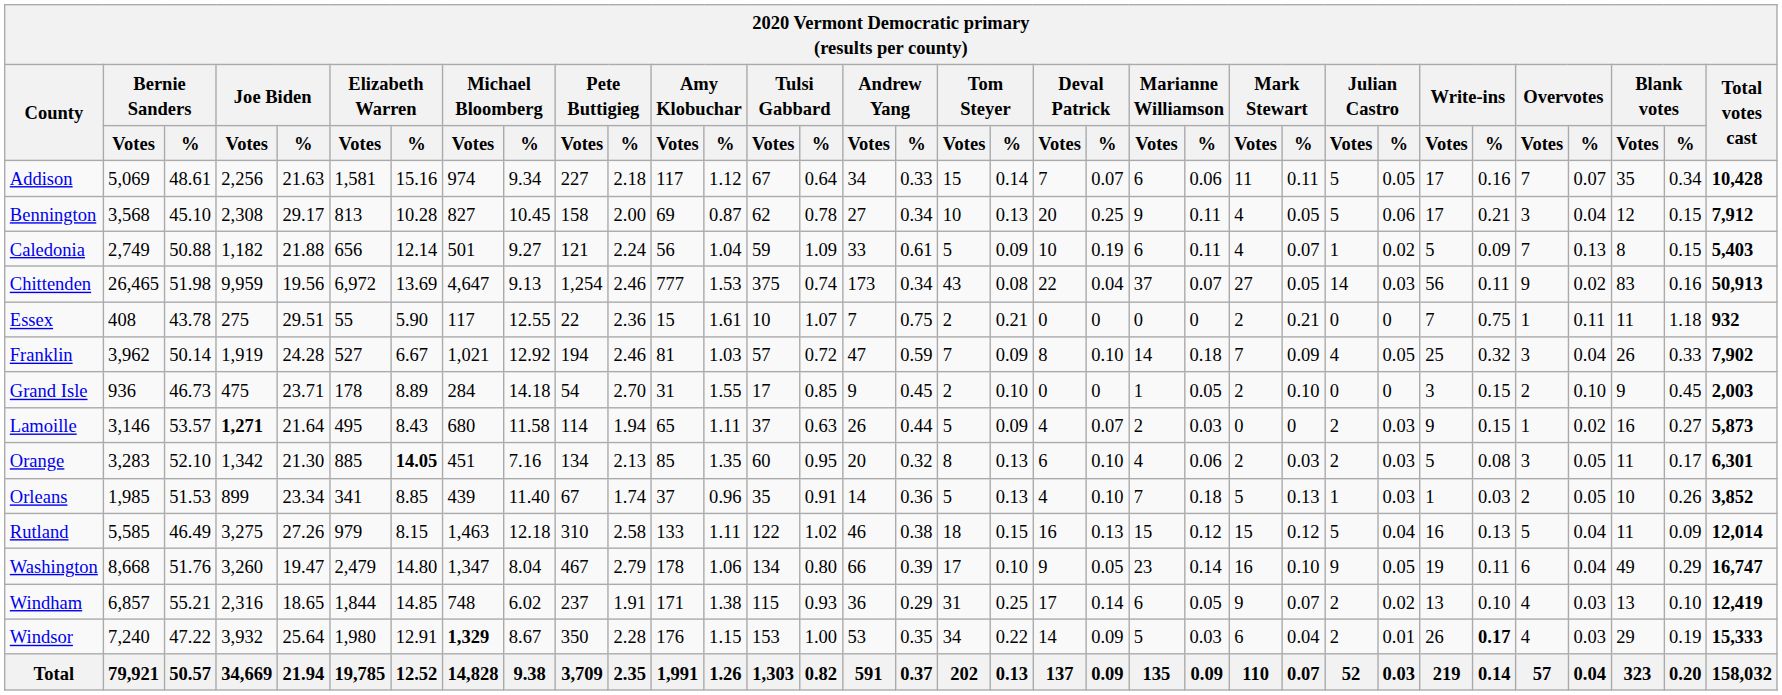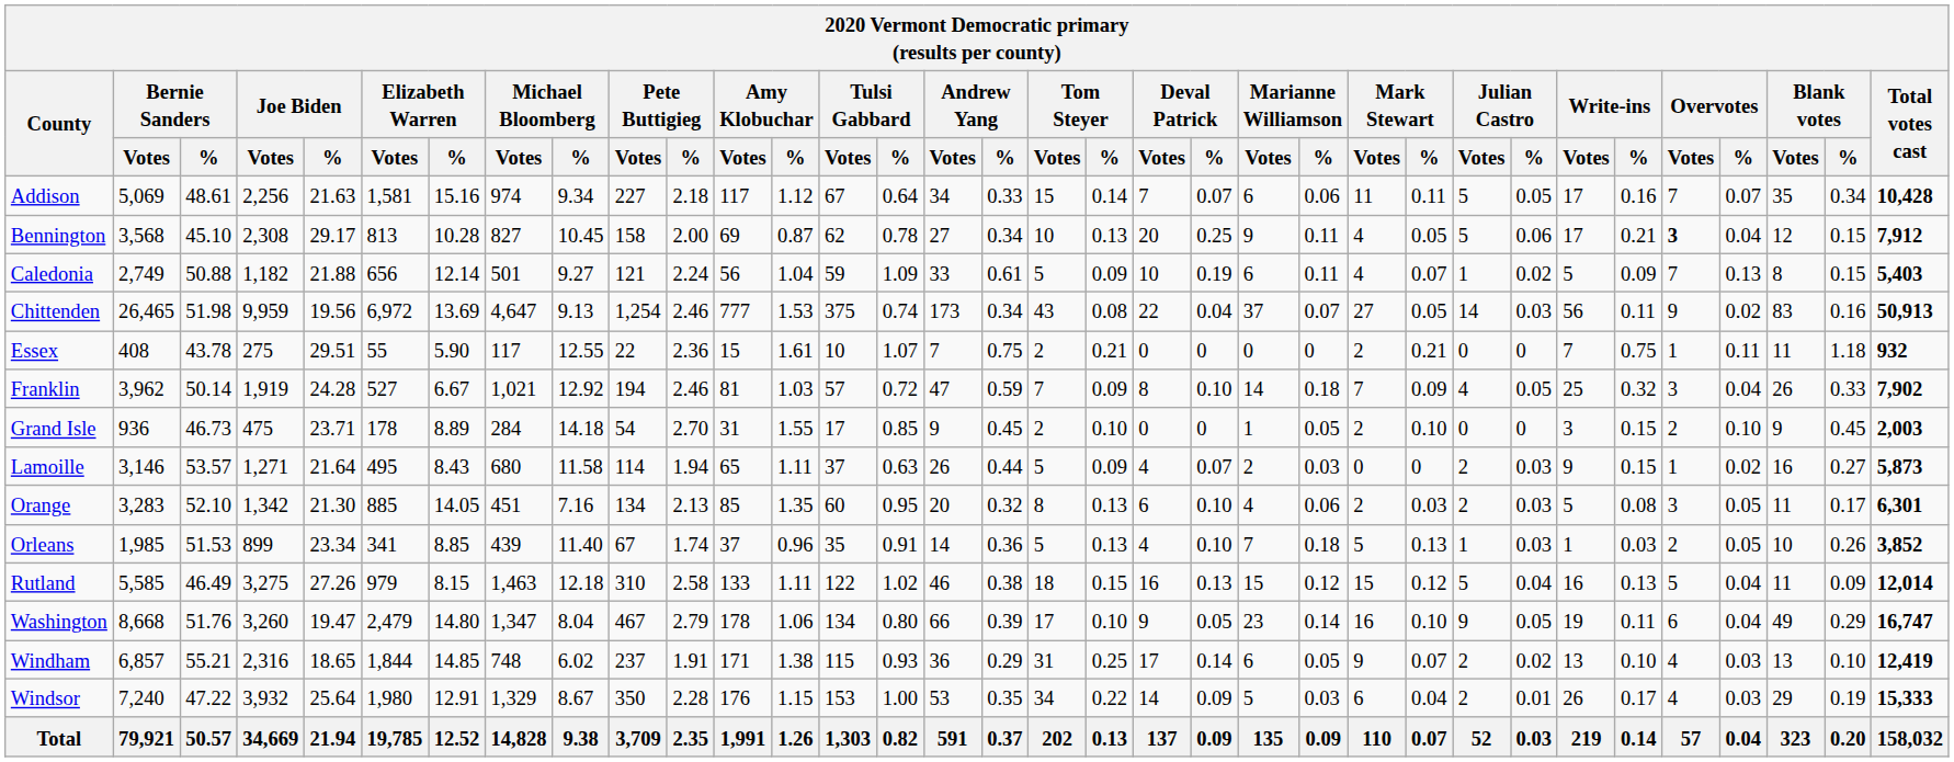 <table class="wikitable sortable mw-collapsible mw-collapsed">
 <tr>
 <th colspan="34"><small>2020 Vermont Democratic primary</small><br><small>(results per county)</small></th>
 </tr>
 <tr>
 <th rowspan="2"><small>County</small></th>
 <th colspan="2"><small>Bernie Sanders</small></th>
 <th colspan="2"><small>Joe Biden</small></th>
 <th colspan="2"><small>Elizabeth Warren</small></th>
 <th colspan="2"><small>Michael Bloomberg</small></th>
 <th colspan="2"><small>Pete Buttigieg</small></th>
 <th colspan="2"><small>Amy Klobuchar</small></th>
 <th colspan="2"><small>Tulsi Gabbard</small></th>
 <th colspan="2"><small>Andrew Yang</small></th>
 <th colspan="2"><small>Tom Steyer</small></th>
 <th colspan="2"><small>Deval Patrick</small></th>
 <th colspan="2"><small>Marianne Williamson</small></th>
 <th colspan="2"><small>Mark Stewart</small></th>
 <th colspan="2"><small>Julian Castro</small></th>
 <th colspan="2"><small>Write-ins</small></th>
 <th colspan="2"><small>Overvotes</small></th>
 <th colspan="2"><small>Blank votes</small></th>
 <th rowspan="2"><small>Total votes cast</small></th>
 </tr>
 <tr>
 <th><small>Votes</small></th>
 <th><small>%</small></th>
 <th><small>Votes</small></th>
 <th><small>%</small></th>
 <th><small>Votes</small></th>
 <th><small>%</small></th>
 <th><small>Votes</small></th>
 <th><small>%</small></th>
 <th><small>Votes</small></th>
 <th><small>%</small></th>
 <th><small>Votes</small></th>
 <th><small>%</small></th>
 <th><small>Votes</small></th>
 <th><small>%</small></th>
 <th><small>Votes</small></th>
 <th><small>%</small></th>
 <th><small>Votes</small></th>
 <th><small>%</small></th>
 <th><small>Votes</small></th>
 <th><small>%</small></th>
 <th><small>Votes</small></th>
 <th><small>%</small></th>
 <th><small>Votes</small></th>
 <th><small>%</small></th>
 <th><small>Votes</small></th>
 <th><small>%</small></th>
 <th><small>Votes</small></th>
 <th><small>%</small></th>
 <th><small>Votes</small></th>
 <th><small>%</small></th>
 <th><small>Votes</small></th>
 <th><small>%</small></th>
 </tr>
 <tr>
 <td><a href='#'><small>Addison</small></a></td>
 <td><small>5,069</small></td>
 <td><small>48.61</small></td>
 <td><small>2,256</small></td>
 <td><small>21.63</small></td>
 <td><small>1,581</small></td>
 <td><small>15.16</small></td>
 <td><small>974</small></td>
 <td><small>9.34</small></td>
 <td><small>227</small></td>
 <td><small>2.18</small></td>
 <td><small>117</small></td>
 <td><small>1.12</small></td>
 <td><small>67</small></td>
 <td><small>0.64</small></td>
 <td><small>34</small></td>
 <td><small>0.33</small></td>
 <td><small>15</small></td>
 <td><small>0.14</small></td>
 <td><small>7</small></td>
 <td><small>0.07</small></td>
 <td><small>6</small></td>
 <td><small>0.06</small></td>
 <td><small>11</small></td>
 <td><small>0.11</small></td>
 <td><small>5</small></td>
 <td><small>0.05</small></td>
 <td><small>17</small></td>
 <td><small>0.16</small></td>
 <td><small>7</small></td>
 <td><small>0.07</small></td>
 <td><small>35</small></td>
 <td><small>0.34</small></td>
 <td><strong><small>10,428</small></strong></td>
 </tr>
 <tr>
 <td><a href='#'><small>Bennington</small></a></td>
 <td><small>3,568</small></td>
 <td><small>45.10</small></td>
 <td><small>2,308</small></td>
 <td><small>29.17</small></td>
 <td><small>813</small></td>
 <td><small>10.28</small></td>
 <td><small>827</small></td>
 <td><small>10.45</small></td>
 <td><small>158</small></td>
 <td><small>2.00</small></td>
 <td><small>69</small></td>
 <td><small>0.87</small></td>
 <td><small>62</small></td>
 <td><small>0.78</small></td>
 <td><small>27</small></td>
 <td><small>0.34</small></td>
 <td><small>10</small></td>
 <td><small>0.13</small></td>
 <td><small>20</small></td>
 <td><small>0.25</small></td>
 <td><small>9</small></td>
 <td><small>0.11</small></td>
 <td><small>4</small></td>
 <td><small>0.05</small></td>
 <td><small>5</small></td>
 <td><small>0.06</small></td>
 <td><small>17</small></td>
 <td><small>0.21</small></td>
-<td><small>3</small></td>
+<td><strong><small>3</small></strong></td>
 <td><small>0.04</small></td>
 <td><small>12</small></td>
 <td><small>0.15</small></td>
 <td><strong><small>7,912</small></strong></td>
 </tr>
 <tr>
 <td><a href='#'><small>Caledonia</small></a></td>
 <td><small>2,749</small></td>
 <td><small>50.88</small></td>
 <td><small>1,182</small></td>
 <td><small>21.88</small></td>
 <td><small>656</small></td>
 <td><small>12.14</small></td>
 <td><small>501</small></td>
 <td><small>9.27</small></td>
 <td><small>121</small></td>
 <td><small>2.24</small></td>
 <td><small>56</small></td>
 <td><small>1.04</small></td>
 <td><small>59</small></td>
 <td><small>1.09</small></td>
 <td><small>33</small></td>
 <td><small>0.61</small></td>
 <td><small>5</small></td>
 <td><small>0.09</small></td>
 <td><small>10</small></td>
 <td><small>0.19</small></td>
 <td><small>6</small></td>
 <td><small>0.11</small></td>
 <td><small>4</small></td>
 <td><small>0.07</small></td>
 <td><small>1</small></td>
 <td><small>0.02</small></td>
 <td><small>5</small></td>
 <td><small>0.09</small></td>
 <td><small>7</small></td>
 <td><small>0.13</small></td>
 <td><small>8</small></td>
 <td><small>0.15</small></td>
 <td><strong><small>5,403</small></strong></td>
 </tr>
 <tr>
 <td><a href='#'><small>Chittenden</small></a></td>
 <td><small>26,465</small></td>
 <td><small>51.98</small></td>
 <td><small>9,959</small></td>
 <td><small>19.56</small></td>
 <td><small>6,972</small></td>
 <td><small>13.69</small></td>
 <td><small>4,647</small></td>
 <td><small>9.13</small></td>
 <td><small>1,254</small></td>
 <td><small>2.46</small></td>
 <td><small>777</small></td>
 <td><small>1.53</small></td>
 <td><small>375</small></td>
 <td><small>0.74</small></td>
 <td><small>173</small></td>
 <td><small>0.34</small></td>
 <td><small>43</small></td>
 <td><small>0.08</small></td>
 <td><small>22</small></td>
 <td><small>0.04</small></td>
 <td><small>37</small></td>
 <td><small>0.07</small></td>
 <td><small>27</small></td>
 <td><small>0.05</small></td>
 <td><small>14</small></td>
 <td><small>0.03</small></td>
 <td><small>56</small></td>
 <td><small>0.11</small></td>
 <td><small>9</small></td>
 <td><small>0.02</small></td>
 <td><small>83</small></td>
 <td><small>0.16</small></td>
 <td><strong><small>50,913</small></strong></td>
 </tr>
 <tr>
 <td><a href='#'><small>Essex</small></a></td>
 <td><small>408</small></td>
 <td><small>43.78</small></td>
 <td><small>275</small></td>
 <td><small>29.51</small></td>
 <td><small>55</small></td>
 <td><small>5.90</small></td>
 <td><small>117</small></td>
 <td><small>12.55</small></td>
 <td><small>22</small></td>
 <td><small>2.36</small></td>
 <td><small>15</small></td>
 <td><small>1.61</small></td>
 <td><small>10</small></td>
 <td><small>1.07</small></td>
 <td><small>7</small></td>
 <td><small>0.75</small></td>
 <td><small>2</small></td>
 <td><small>0.21</small></td>
 <td><small>0</small></td>
 <td><small>0</small></td>
 <td><small>0</small></td>
 <td><small>0</small></td>
 <td><small>2</small></td>
 <td><small>0.21</small></td>
 <td><small>0</small></td>
 <td><small>0</small></td>
 <td><small>7</small></td>
 <td><small>0.75</small></td>
 <td><small>1</small></td>
 <td><small>0.11</small></td>
 <td><small>11</small></td>
 <td><small>1.18</small></td>
 <td><strong><small>932</small></strong></td>
 </tr>
 <tr>
 <td><a href='#'><small>Franklin</small></a></td>
 <td><small>3,962</small></td>
 <td><small>50.14</small></td>
 <td><small>1,919</small></td>
 <td><small>24.28</small></td>
 <td><small>527</small></td>
 <td><small>6.67</small></td>
 <td><small>1,021</small></td>
 <td><small>12.92</small></td>
 <td><small>194</small></td>
 <td><small>2.46</small></td>
 <td><small>81</small></td>
 <td><small>1.03</small></td>
 <td><small>57</small></td>
 <td><small>0.72</small></td>
 <td><small>47</small></td>
 <td><small>0.59</small></td>
 <td><small>7</small></td>
 <td><small>0.09</small></td>
 <td><small>8</small></td>
 <td><small>0.10</small></td>
 <td><small>14</small></td>
 <td><small>0.18</small></td>
 <td><small>7</small></td>
 <td><small>0.09</small></td>
 <td><small>4</small></td>
 <td><small>0.05</small></td>
 <td><small>25</small></td>
 <td><small>0.32</small></td>
 <td><small>3</small></td>
 <td><small>0.04</small></td>
 <td><small>26</small></td>
 <td><small>0.33</small></td>
 <td><strong><small>7,902</small></strong></td>
 </tr>
 <tr>
 <td><a href='#'><small>Grand Isle</small></a></td>
 <td><small>936</small></td>
 <td><small>46.73</small></td>
 <td><small>475</small></td>
 <td><small>23.71</small></td>
 <td><small>178</small></td>
 <td><small>8.89</small></td>
 <td><small>284</small></td>
 <td><small>14.18</small></td>
 <td><small>54</small></td>
 <td><small>2.70</small></td>
 <td><small>31</small></td>
 <td><small>1.55</small></td>
 <td><small>17</small></td>
 <td><small>0.85</small></td>
 <td><small>9</small></td>
 <td><small>0.45</small></td>
 <td><small>2</small></td>
 <td><small>0.10</small></td>
 <td><small>0</small></td>
 <td><small>0</small></td>
 <td><small>1</small></td>
 <td><small>0.05</small></td>
 <td><small>2</small></td>
 <td><small>0.10</small></td>
 <td><small>0</small></td>
 <td><small>0</small></td>
 <td><small>3</small></td>
 <td><small>0.15</small></td>
 <td><small>2</small></td>
 <td><small>0.10</small></td>
 <td><small>9</small></td>
 <td><small>0.45</small></td>
 <td><strong><small>2,003</small></strong></td>
 </tr>
 <tr>
 <td><a href='#'><small>Lamoille</small></a></td>
 <td><small>3,146</small></td>
 <td><small>53.57</small></td>
-<td><strong><small>1,271</small></strong></td>
+<td><small>1,271</small></td>
 <td><small>21.64</small></td>
 <td><small>495</small></td>
 <td><small>8.43</small></td>
 <td><small>680</small></td>
 <td><small>11.58</small></td>
 <td><small>114</small></td>
 <td><small>1.94</small></td>
 <td><small>65</small></td>
 <td><small>1.11</small></td>
 <td><small>37</small></td>
 <td><small>0.63</small></td>
 <td><small>26</small></td>
 <td><small>0.44</small></td>
 <td><small>5</small></td>
 <td><small>0.09</small></td>
 <td><small>4</small></td>
 <td><small>0.07</small></td>
 <td><small>2</small></td>
 <td><small>0.03</small></td>
 <td><small>0</small></td>
 <td><small>0</small></td>
 <td><small>2</small></td>
 <td><small>0.03</small></td>
 <td><small>9</small></td>
 <td><small>0.15</small></td>
 <td><small>1</small></td>
 <td><small>0.02</small></td>
 <td><small>16</small></td>
 <td><small>0.27</small></td>
 <td><strong><small>5,873</small></strong></td>
 </tr>
 <tr>
 <td><a href='#'><small>Orange</small></a></td>
 <td><small>3,283</small></td>
 <td><small>52.10</small></td>
 <td><small>1,342</small></td>
 <td><small>21.30</small></td>
 <td><small>885</small></td>
-<td><strong><small>14.05</small></strong></td>
+<td><small>14.05</small></td>
 <td><small>451</small></td>
 <td><small>7.16</small></td>
 <td><small>134</small></td>
 <td><small>2.13</small></td>
 <td><small>85</small></td>
 <td><small>1.35</small></td>
 <td><small>60</small></td>
 <td><small>0.95</small></td>
 <td><small>20</small></td>
 <td><small>0.32</small></td>
 <td><small>8</small></td>
 <td><small>0.13</small></td>
 <td><small>6</small></td>
 <td><small>0.10</small></td>
 <td><small>4</small></td>
 <td><small>0.06</small></td>
 <td><small>2</small></td>
 <td><small>0.03</small></td>
 <td><small>2</small></td>
 <td><small>0.03</small></td>
 <td><small>5</small></td>
 <td><small>0.08</small></td>
 <td><small>3</small></td>
 <td><small>0.05</small></td>
 <td><small>11</small></td>
 <td><small>0.17</small></td>
 <td><strong><small>6,301</small></strong></td>
 </tr>
 <tr>
 <td><a href='#'><small>Orleans</small></a></td>
 <td><small>1,985</small></td>
 <td><small>51.53</small></td>
 <td><small>899</small></td>
 <td><small>23.34</small></td>
 <td><small>341</small></td>
 <td><small>8.85</small></td>
 <td><small>439</small></td>
 <td><small>11.40</small></td>
 <td><small>67</small></td>
 <td><small>1.74</small></td>
 <td><small>37</small></td>
 <td><small>0.96</small></td>
 <td><small>35</small></td>
 <td><small>0.91</small></td>
 <td><small>14</small></td>
 <td><small>0.36</small></td>
 <td><small>5</small></td>
 <td><small>0.13</small></td>
 <td><small>4</small></td>
 <td><small>0.10</small></td>
 <td><small>7</small></td>
 <td><small>0.18</small></td>
 <td><small>5</small></td>
 <td><small>0.13</small></td>
 <td><small>1</small></td>
 <td><small>0.03</small></td>
 <td><small>1</small></td>
 <td><small>0.03</small></td>
 <td><small>2</small></td>
 <td><small>0.05</small></td>
 <td><small>10</small></td>
 <td><small>0.26</small></td>
 <td><strong><small>3,852</small></strong></td>
 </tr>
 <tr>
 <td><a href='#'><small>Rutland</small></a></td>
 <td><small>5,585</small></td>
 <td><small>46.49</small></td>
 <td><small>3,275</small></td>
 <td><small>27.26</small></td>
 <td><small>979</small></td>
 <td><small>8.15</small></td>
 <td><small>1,463</small></td>
 <td><small>12.18</small></td>
 <td><small>310</small></td>
 <td><small>2.58</small></td>
 <td><small>133</small></td>
 <td><small>1.11</small></td>
 <td><small>122</small></td>
 <td><small>1.02</small></td>
 <td><small>46</small></td>
 <td><small>0.38</small></td>
 <td><small>18</small></td>
 <td><small>0.15</small></td>
 <td><small>16</small></td>
 <td><small>0.13</small></td>
 <td><small>15</small></td>
 <td><small>0.12</small></td>
 <td><small>15</small></td>
 <td><small>0.12</small></td>
 <td><small>5</small></td>
 <td><small>0.04</small></td>
 <td><small>16</small></td>
 <td><small>0.13</small></td>
 <td><small>5</small></td>
 <td><small>0.04</small></td>
 <td><small>11</small></td>
 <td><small>0.09</small></td>
 <td><strong><small>12,014</small></strong></td>
 </tr>
 <tr>
 <td><a href='#'><small>Washington</small></a></td>
 <td><small>8,668</small></td>
 <td><small>51.76</small></td>
 <td><small>3,260</small></td>
 <td><small>19.47</small></td>
 <td><small>2,479</small></td>
 <td><small>14.80</small></td>
 <td><small>1,347</small></td>
 <td><small>8.04</small></td>
 <td><small>467</small></td>
 <td><small>2.79</small></td>
 <td><small>178</small></td>
 <td><small>1.06</small></td>
 <td><small>134</small></td>
 <td><small>0.80</small></td>
 <td><small>66</small></td>
 <td><small>0.39</small></td>
 <td><small>17</small></td>
 <td><small>0.10</small></td>
 <td><small>9</small></td>
 <td><small>0.05</small></td>
 <td><small>23</small></td>
 <td><small>0.14</small></td>
 <td><small>16</small></td>
 <td><small>0.10</small></td>
 <td><small>9</small></td>
 <td><small>0.05</small></td>
 <td><small>19</small></td>
 <td><small>0.11</small></td>
 <td><small>6</small></td>
 <td><small>0.04</small></td>
 <td><small>49</small></td>
 <td><small>0.29</small></td>
 <td><strong><small>16,747</small></strong></td>
 </tr>
 <tr>
 <td><a href='#'><small>Windham</small></a></td>
 <td><small>6,857</small></td>
 <td><small>55.21</small></td>
 <td><small>2,316</small></td>
 <td><small>18.65</small></td>
 <td><small>1,844</small></td>
 <td><small>14.85</small></td>
 <td><small>748</small></td>
 <td><small>6.02</small></td>
 <td><small>237</small></td>
 <td><small>1.91</small></td>
 <td><small>171</small></td>
 <td><small>1.38</small></td>
 <td><small>115</small></td>
 <td><small>0.93</small></td>
 <td><small>36</small></td>
 <td><small>0.29</small></td>
 <td><small>31</small></td>
 <td><small>0.25</small></td>
 <td><small>17</small></td>
 <td><small>0.14</small></td>
 <td><small>6</small></td>
 <td><small>0.05</small></td>
 <td><small>9</small></td>
 <td><small>0.07</small></td>
 <td><small>2</small></td>
 <td><small>0.02</small></td>
 <td><small>13</small></td>
 <td><small>0.10</small></td>
 <td><small>4</small></td>
 <td><small>0.03</small></td>
 <td><small>13</small></td>
 <td><small>0.10</small></td>
 <td><strong><small>12,419</small></strong></td>
 </tr>
 <tr>
 <td><a href='#'><small>Windsor</small></a></td>
 <td><small>7,240</small></td>
 <td><small>47.22</small></td>
 <td><small>3,932</small></td>
 <td><small>25.64</small></td>
 <td><small>1,980</small></td>
 <td><small>12.91</small></td>
-<td><strong><small>1,329</small></strong></td>
+<td><small>1,329</small></td>
 <td><small>8.67</small></td>
 <td><small>350</small></td>
 <td><small>2.28</small></td>
 <td><small>176</small></td>
 <td><small>1.15</small></td>
 <td><small>153</small></td>
 <td><small>1.00</small></td>
 <td><small>53</small></td>
 <td><small>0.35</small></td>
 <td><small>34</small></td>
 <td><small>0.22</small></td>
 <td><small>14</small></td>
 <td><small>0.09</small></td>
 <td><small>5</small></td>
 <td><small>0.03</small></td>
 <td><small>6</small></td>
 <td><small>0.04</small></td>
 <td><small>2</small></td>
 <td><small>0.01</small></td>
 <td><small>26</small></td>
-<td><strong><small>0.17</small></strong></td>
+<td><small>0.17</small></td>
 <td><small>4</small></td>
 <td><small>0.03</small></td>
 <td><small>29</small></td>
 <td><small>0.19</small></td>
 <td><strong><small>15,333</small></strong></td>
 </tr>
 <tr>
 <th><strong><small>Total</small></strong></th>
 <th><small>79,921</small></th>
 <th><small>50.57</small></th>
 <th><small>34,669</small></th>
 <th><small>21.94</small></th>
 <th><small>19,785</small></th>
 <th><small>12.52</small></th>
 <th><small>14,828</small></th>
 <th><small>9.38</small></th>
 <th><small>3,709</small></th>
 <th><small>2.35</small></th>
 <th><small>1,991</small></th>
 <th><small>1.26</small></th>
 <th><small>1,303</small></th>
 <th><small>0.82</small></th>
 <th><small>591</small></th>
 <th><small>0.37</small></th>
 <th><small>202</small></th>
 <th><small>0.13</small></th>
 <th><small>137</small></th>
 <th><small>0.09</small></th>
 <th><small>135</small></th>
 <th><small>0.09</small></th>
 <th><small>110</small></th>
 <th><small>0.07</small></th>
 <th><small>52</small></th>
 <th><small>0.03</small></th>
 <th><small>219</small></th>
 <th><small>0.14</small></th>
 <th><small>57</small></th>
 <th><small>0.04</small></th>
 <th><small>323</small></th>
 <th><small>0.20</small></th>
 <th><strong><small>158,032</small></strong></th>
 </tr>
 </table>
